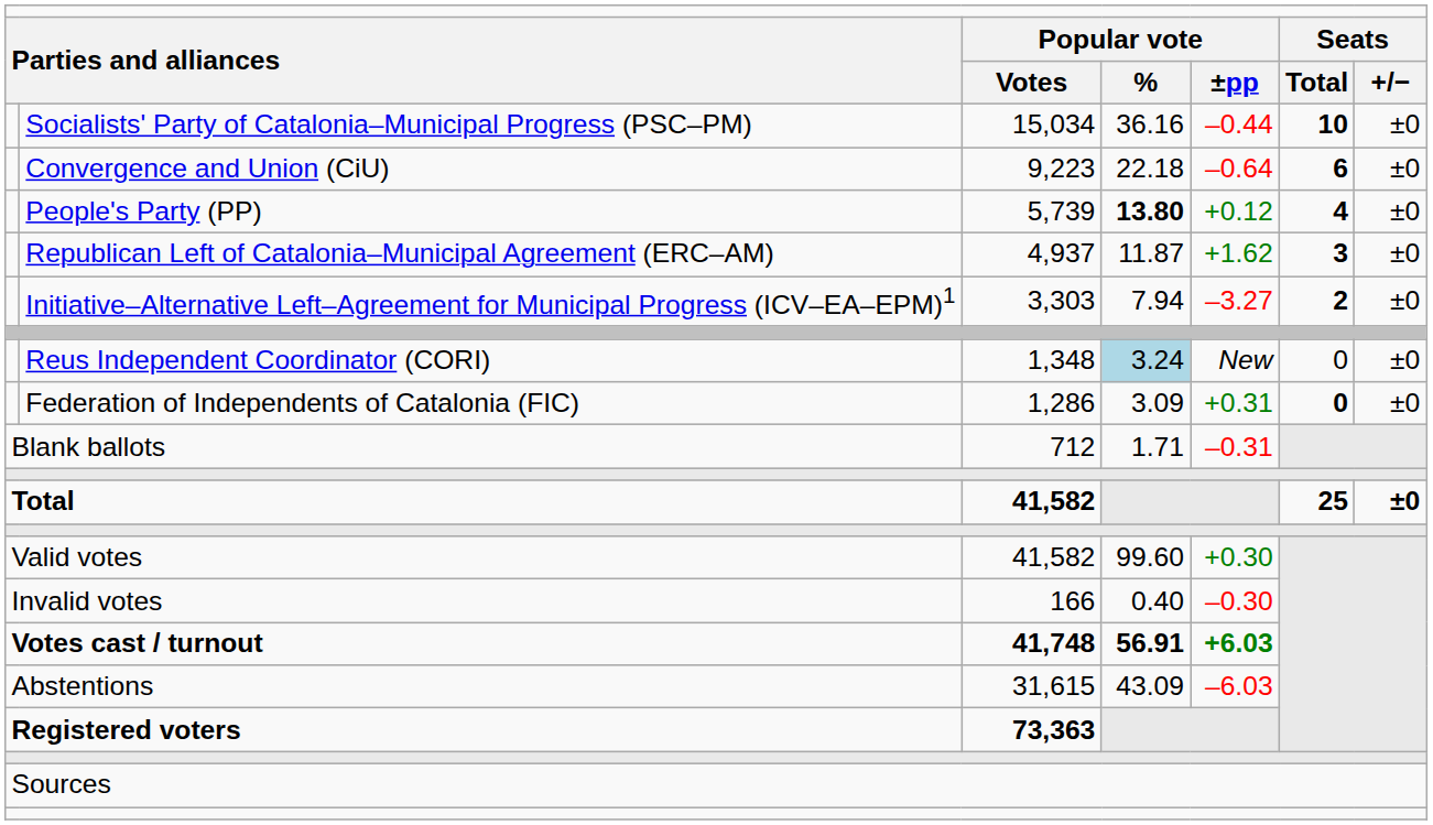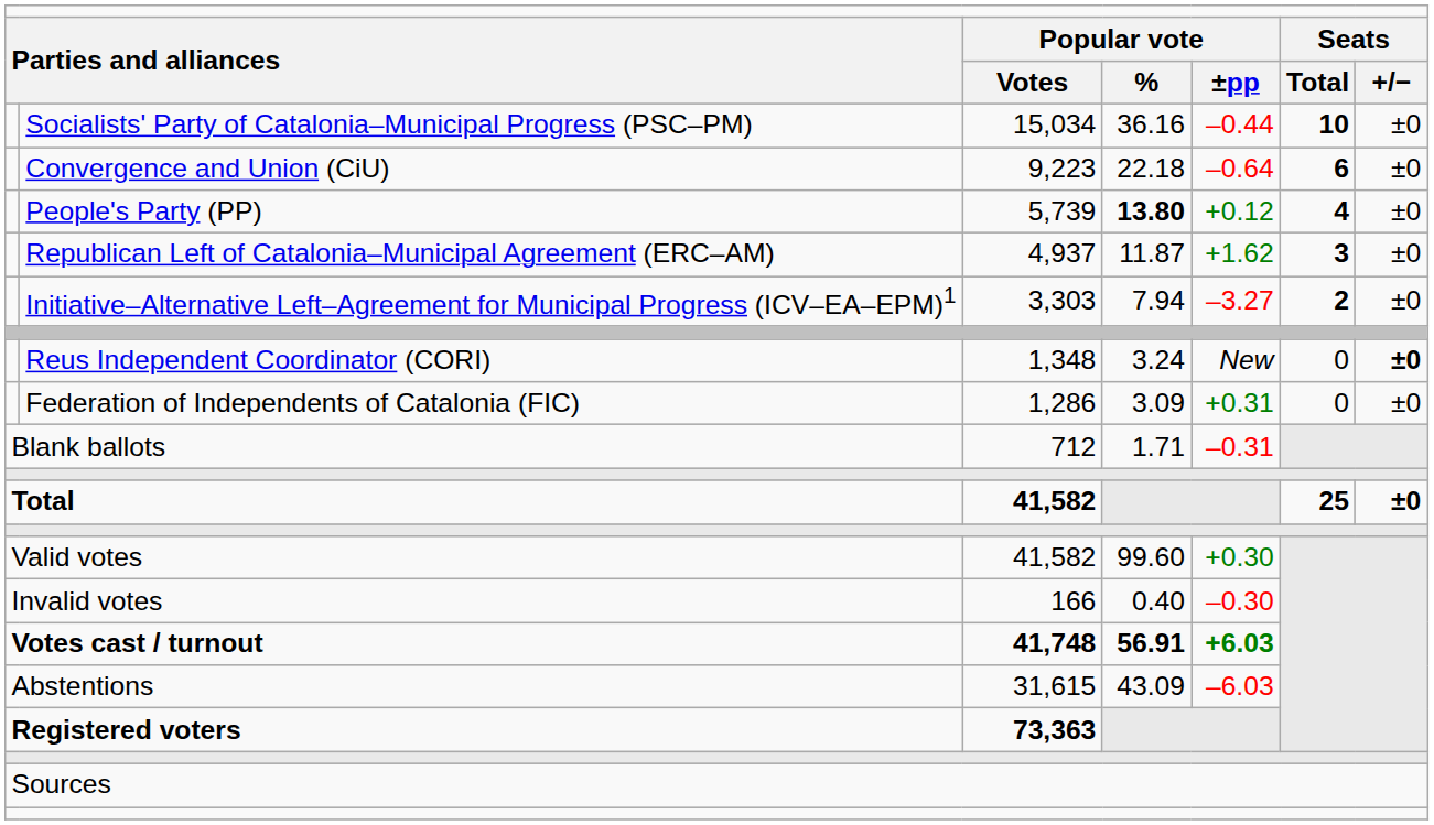 <table class="wikitable" style="text-align:right;">
 <tr>
 <td colspan="7"></td>
 </tr>
 <tr>
 <th style="text-align:left;" rowspan="2" colspan="2" width="525">Parties and alliances</th>
 <th colspan="3">Popular vote</th>
 <th colspan="2">Seats</th>
 </tr>
 <tr>
 <th width="75">Votes</th>
 <th width="45">%</th>
 <th width="45">±<a href='#'>pp</a></th>
 <th width="35">Total</th>
 <th width="35">+/−</th>
 </tr>
 <tr>
 <td width="1" style="color:inherit;background:"></td>
 <td align="left"><a href='#'>Socialists' Party of Catalonia–Municipal Progress</a> (PSC–PM)</td>
 <td>15,034</td>
 <td>36.16</td>
 <td style="color:red;">–0.44</td>
 <td><strong>10</strong></td>
 <td>±0</td>
 </tr>
 <tr>
 <td style="color:inherit;background:"></td>
 <td align="left"><a href='#'>Convergence and Union</a> (CiU)</td>
 <td>9,223</td>
 <td>22.18</td>
 <td style="color:red;">–0.64</td>
 <td><strong>6</strong></td>
 <td>±0</td>
 </tr>
 <tr>
 <td style="color:inherit;background:"></td>
 <td align="left"><a href='#'>People's Party</a> (PP)</td>
 <td>5,739</td>
 <td><strong>13.80</strong></td>
 <td style="color:green;">+0.12</td>
 <td><strong>4</strong></td>
 <td>±0</td>
 </tr>
 <tr>
 <td style="color:inherit;background:"></td>
 <td align="left"><a href='#'>Republican Left of Catalonia–Municipal Agreement</a> (ERC–AM)</td>
 <td>4,937</td>
 <td>11.87</td>
 <td style="color:green;">+1.62</td>
 <td><strong>3</strong></td>
 <td>±0</td>
 </tr>
 <tr>
 <td style="color:inherit;background:"></td>
 <td align="left"><a href='#'>Initiative–Alternative Left–Agreement for Municipal Progress</a> (ICV–EA–EPM)<sup>1</sup></td>
 <td>3,303</td>
 <td>7.94</td>
 <td style="color:red;">–3.27</td>
 <td><strong>2</strong></td>
 <td>±0</td>
 </tr>
 <tr>
 <td colspan="7" style="color:inherit;background:#C0C0C0"></td>
 </tr>
 <tr>
 <td style="color:inherit;background:"></td>
 <td align="left"><a href='#'>Reus Independent Coordinator</a> (CORI)</td>
 <td>1,348</td>
-<td style="background: lightblue;">3.24</td>
+<td>3.24</td>
 <td><em>New</em></td>
 <td>0</td>
-<td>±0</td>
+<td><strong>±0</strong></td>
 </tr>
 <tr>
 <td style="color:inherit;background:"></td>
 <td align="left">Federation of Independents of Catalonia (FIC)</td>
 <td>1,286</td>
 <td>3.09</td>
 <td style="color:green;">+0.31</td>
-<td><strong>0</strong></td>
+<td>0</td>
 <td>±0</td>
 </tr>
 <tr>
 <td align="left" colspan="2">Blank ballots</td>
 <td>712</td>
 <td>1.71</td>
 <td style="color:red;">–0.31</td>
 <td style="color:inherit;background:#E9E9E9" colspan="2"></td>
 </tr>
 <tr>
 <td colspan="7" style="color:inherit;background:#E9E9E9"></td>
 </tr>
 <tr style="font-weight:bold;">
 <td align="left" colspan="2">Total</td>
 <td>41,582</td>
 <td bgcolor="#E9E9E9" colspan="2"></td>
 <td>25</td>
 <td>±0</td>
 </tr>
 <tr>
 <td colspan="7" style="color:inherit;background:#E9E9E9"></td>
 </tr>
 <tr>
 <td align="left" colspan="2">Valid votes</td>
 <td>41,582</td>
 <td>99.60</td>
 <td style="color:green;">+0.30</td>
 <td bgcolor="#E9E9E9" colspan="2" rowspan="5"></td>
 </tr>
 <tr>
 <td align="left" colspan="2">Invalid votes</td>
 <td>166</td>
 <td>0.40</td>
 <td style="color:red;">–0.30</td>
 </tr>
 <tr style="font-weight:bold;">
 <td align="left" colspan="2">Votes cast / turnout</td>
 <td>41,748</td>
 <td>56.91</td>
 <td style="color:green;">+6.03</td>
 </tr>
 <tr>
 <td align="left" colspan="2">Abstentions</td>
 <td>31,615</td>
 <td>43.09</td>
 <td style="color:red;">–6.03</td>
 </tr>
 <tr style="font-weight:bold;">
 <td align="left" colspan="2">Registered voters</td>
 <td>73,363</td>
 <td bgcolor="#E9E9E9" colspan="2"></td>
 </tr>
 <tr>
 <td colspan="7" style="color:inherit;background:#E9E9E9"></td>
 </tr>
 <tr>
 <td align="left" colspan="7">Sources</td>
 </tr>
 <tr>
 <td colspan="7" style="text-align:left; max-width:790px;"></td>
 </tr>
 </table>
